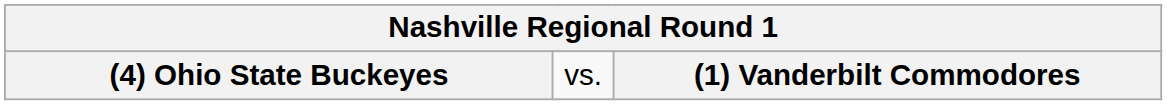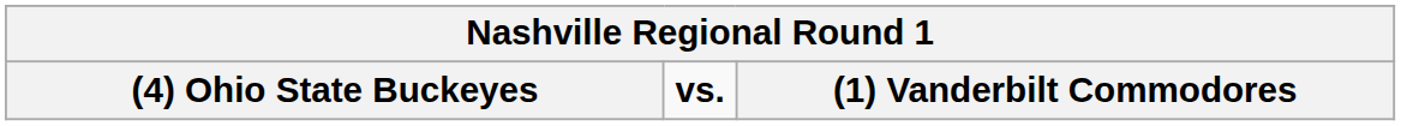 <table class="wikitable">
 <tr>
 <th style="width: 604px;" colspan=3>Nashville Regional Round 1</th>
 </tr>
 <tr>
 <th style="width: 289px; ">(4) Ohio State Buckeyes</th>
-<td style="width: 25px; text-align:center">vs.</td>
+<td style="width: 25px; text-align:center"><strong>vs.</strong></td>
 <th style="width: 289px; ">(1) Vanderbilt Commodores</th>
 </tr>
 </table>
